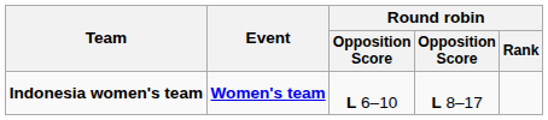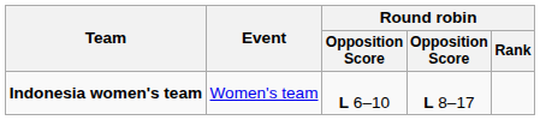 <table class="wikitable" style="font-size:85%">
 <tr>
 <th rowspan=2>Team</th>
 <th rowspan=2>Event</th>
 <th colspan=3>Round robin</th>
 </tr>
 <tr style="font-size:90%">
 <th>Opposition<br>Score</th>
 <th>Opposition<br>Score</th>
 <th>Rank</th>
 </tr>
 <tr align=center>
 <td align=left><strong>Indonesia women's team</strong></td>
-<td align=left><strong><a href='#'>Women's team</a></strong></td>
+<td align=left><a href='#'>Women's team</a></td>
 <td><br><strong>L</strong> 6–10</td>
 <td><br><strong>L</strong> 8–17</td>
 <td></td>
 </tr>
 </table>
